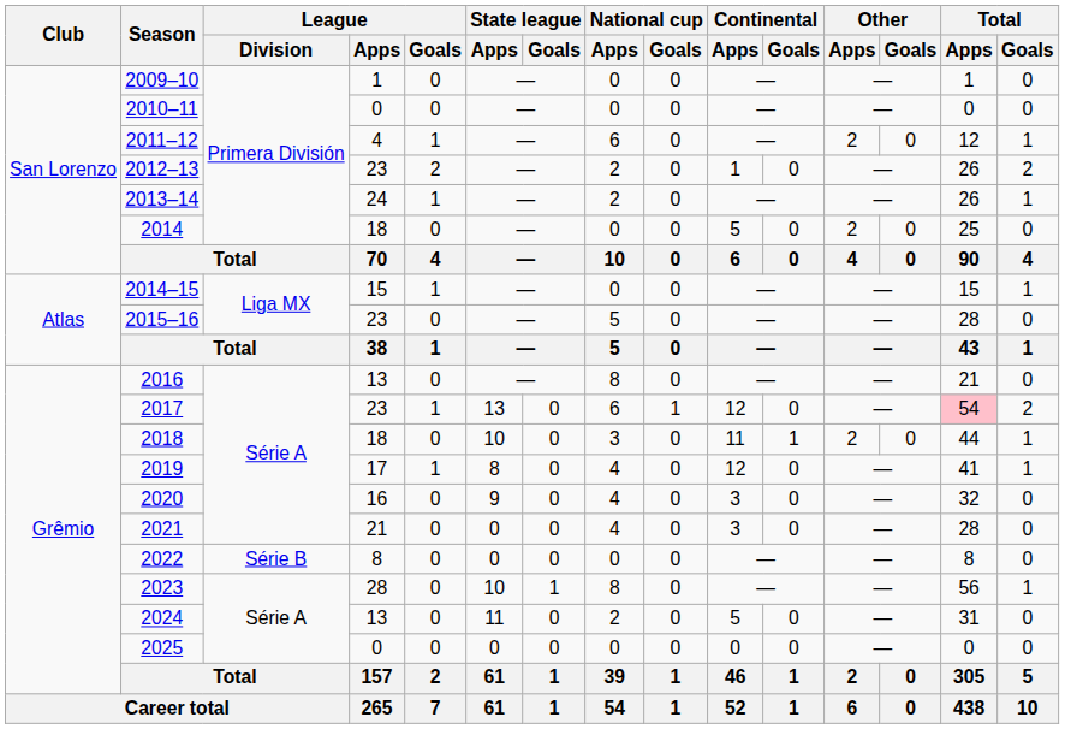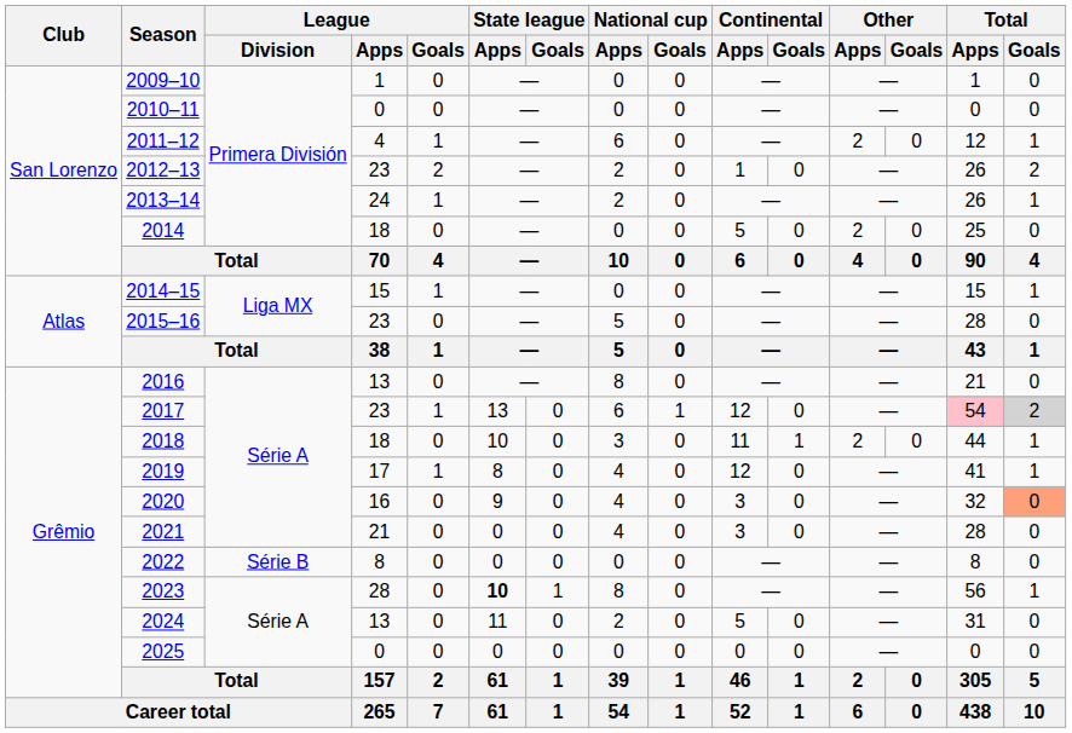 <table class="wikitable" style="text-align: center;">
 <tr>
 <th rowspan="2">Club</th>
 <th rowspan="2">Season</th>
 <th colspan="3">League</th>
 <th colspan="2">State league</th>
 <th colspan="2">National cup</th>
 <th colspan="2">Continental</th>
 <th colspan="2">Other</th>
 <th colspan="2">Total</th>
 </tr>
 <tr>
 <th>Division</th>
 <th>Apps</th>
 <th>Goals</th>
 <th>Apps</th>
 <th>Goals</th>
 <th>Apps</th>
 <th>Goals</th>
 <th>Apps</th>
 <th>Goals</th>
 <th>Apps</th>
 <th>Goals</th>
 <th>Apps</th>
 <th>Goals</th>
 </tr>
 <tr>
 <td rowspan="7"><a href='#'>San Lorenzo</a></td>
 <td><a href='#'>2009–10</a></td>
 <td rowspan="6"><a href='#'>Primera División</a></td>
 <td>1</td>
 <td>0</td>
 <td colspan="2">—</td>
 <td>0</td>
 <td>0</td>
 <td colspan="2">—</td>
 <td colspan="2">—</td>
 <td>1</td>
 <td>0</td>
 </tr>
 <tr>
 <td><a href='#'>2010–11</a></td>
 <td>0</td>
 <td>0</td>
 <td colspan="2">—</td>
 <td>0</td>
 <td>0</td>
 <td colspan="2">—</td>
 <td colspan="2">—</td>
 <td>0</td>
 <td>0</td>
 </tr>
 <tr>
 <td><a href='#'>2011–12</a></td>
 <td>4</td>
 <td>1</td>
 <td colspan="2">—</td>
 <td>6</td>
 <td>0</td>
 <td colspan="2">—</td>
 <td>2</td>
 <td>0</td>
 <td>12</td>
 <td>1</td>
 </tr>
 <tr>
 <td><a href='#'>2012–13</a></td>
 <td>23</td>
 <td>2</td>
 <td colspan="2">—</td>
 <td>2</td>
 <td>0</td>
 <td>1</td>
 <td>0</td>
 <td colspan="2">—</td>
 <td>26</td>
 <td>2</td>
 </tr>
 <tr>
 <td><a href='#'>2013–14</a></td>
 <td>24</td>
 <td>1</td>
 <td colspan="2">—</td>
 <td>2</td>
 <td>0</td>
 <td colspan="2">—</td>
 <td colspan="2">—</td>
 <td>26</td>
 <td>1</td>
 </tr>
 <tr>
 <td><a href='#'>2014</a></td>
 <td>18</td>
 <td>0</td>
 <td colspan="2">—</td>
 <td>0</td>
 <td>0</td>
 <td>5</td>
 <td>0</td>
 <td>2</td>
 <td>0</td>
 <td>25</td>
 <td>0</td>
 </tr>
 <tr>
 <th colspan="2">Total</th>
 <th>70</th>
 <th>4</th>
 <th colspan="2">—</th>
 <th>10</th>
 <th>0</th>
 <th>6</th>
 <th>0</th>
 <th>4</th>
 <th>0</th>
 <th>90</th>
 <th>4</th>
 </tr>
 <tr>
 <td rowspan="3"><a href='#'>Atlas</a></td>
 <td><a href='#'>2014–15</a></td>
 <td rowspan="2"><a href='#'>Liga MX</a></td>
 <td>15</td>
 <td>1</td>
 <td colspan="2">—</td>
 <td>0</td>
 <td>0</td>
 <td colspan="2">—</td>
 <td colspan="2">—</td>
 <td>15</td>
 <td>1</td>
 </tr>
 <tr>
 <td><a href='#'>2015–16</a></td>
 <td>23</td>
 <td>0</td>
 <td colspan="2">—</td>
 <td>5</td>
 <td>0</td>
 <td colspan="2">—</td>
 <td colspan="2">—</td>
 <td>28</td>
 <td>0</td>
 </tr>
 <tr>
 <th colspan="2">Total</th>
 <th>38</th>
 <th>1</th>
 <th colspan="2">—</th>
 <th>5</th>
 <th>0</th>
 <th colspan="2">—</th>
 <th colspan="2">—</th>
 <th>43</th>
 <th>1</th>
 </tr>
 <tr>
 <td rowspan="11" valign="center"><a href='#'>Grêmio</a></td>
 <td><a href='#'>2016</a></td>
 <td rowspan="6"><a href='#'>Série A</a></td>
 <td>13</td>
 <td>0</td>
 <td colspan="2">—</td>
 <td>8</td>
 <td>0</td>
 <td colspan="2">—</td>
 <td colspan="2">—</td>
 <td>21</td>
 <td>0</td>
 </tr>
 <tr>
 <td><a href='#'>2017</a></td>
 <td>23</td>
 <td>1</td>
 <td>13</td>
 <td>0</td>
 <td>6</td>
 <td>1</td>
 <td>12</td>
 <td>0</td>
 <td colspan="2">—</td>
 <td style="background: pink;">54</td>
-<td>2</td>
+<td style="background: lightgrey;">2</td>
 </tr>
 <tr>
 <td><a href='#'>2018</a></td>
 <td>18</td>
 <td>0</td>
 <td>10</td>
 <td>0</td>
 <td>3</td>
 <td>0</td>
 <td>11</td>
 <td>1</td>
 <td>2</td>
 <td>0</td>
 <td>44</td>
 <td>1</td>
 </tr>
 <tr>
 <td><a href='#'>2019</a></td>
 <td>17</td>
 <td>1</td>
 <td>8</td>
 <td>0</td>
 <td>4</td>
 <td>0</td>
 <td>12</td>
 <td>0</td>
 <td colspan="2">—</td>
 <td>41</td>
 <td>1</td>
 </tr>
 <tr>
 <td><a href='#'>2020</a></td>
 <td>16</td>
 <td>0</td>
 <td>9</td>
 <td>0</td>
 <td>4</td>
 <td>0</td>
 <td>3</td>
 <td>0</td>
 <td colspan="2">—</td>
 <td>32</td>
-<td>0</td>
+<td style="background: lightsalmon;">0</td>
 </tr>
 <tr>
 <td><a href='#'>2021</a></td>
 <td>21</td>
 <td>0</td>
 <td>0</td>
 <td>0</td>
 <td>4</td>
 <td>0</td>
 <td>3</td>
 <td>0</td>
 <td colspan="2">—</td>
 <td>28</td>
 <td>0</td>
 </tr>
 <tr>
 <td><a href='#'>2022</a></td>
 <td><a href='#'>Série B</a></td>
 <td>8</td>
 <td>0</td>
 <td>0</td>
 <td>0</td>
 <td>0</td>
 <td>0</td>
 <td colspan="2">—</td>
 <td colspan="2">—</td>
 <td>8</td>
 <td>0</td>
 </tr>
 <tr>
 <td><a href='#'>2023</a></td>
 <td rowspan="3">Série A</td>
 <td>28</td>
 <td>0</td>
-<td>10</td>
+<td><strong>10</strong></td>
 <td>1</td>
 <td>8</td>
 <td>0</td>
 <td colspan="2">—</td>
 <td colspan="2">—</td>
 <td>56</td>
 <td>1</td>
 </tr>
 <tr>
 <td><a href='#'>2024</a></td>
 <td>13</td>
 <td>0</td>
 <td>11</td>
 <td>0</td>
 <td>2</td>
 <td>0</td>
 <td>5</td>
 <td>0</td>
 <td colspan="2">—</td>
 <td>31</td>
 <td>0</td>
 </tr>
 <tr>
 <td><a href='#'>2025</a></td>
 <td>0</td>
 <td>0</td>
 <td>0</td>
 <td>0</td>
 <td>0</td>
 <td>0</td>
 <td>0</td>
 <td>0</td>
 <td colspan="2">—</td>
 <td>0</td>
 <td>0</td>
 </tr>
 <tr>
 <th colspan="2">Total</th>
 <th>157</th>
 <th>2</th>
 <th>61</th>
 <th>1</th>
 <th>39</th>
 <th>1</th>
 <th>46</th>
 <th>1</th>
 <th>2</th>
 <th>0</th>
 <th>305</th>
 <th>5</th>
 </tr>
 <tr>
 <th colspan="3">Career total</th>
 <th>265</th>
 <th>7</th>
 <th>61</th>
 <th>1</th>
 <th>54</th>
 <th>1</th>
 <th>52</th>
 <th>1</th>
 <th>6</th>
 <th>0</th>
 <th>438</th>
 <th>10</th>
 </tr>
 </table>
